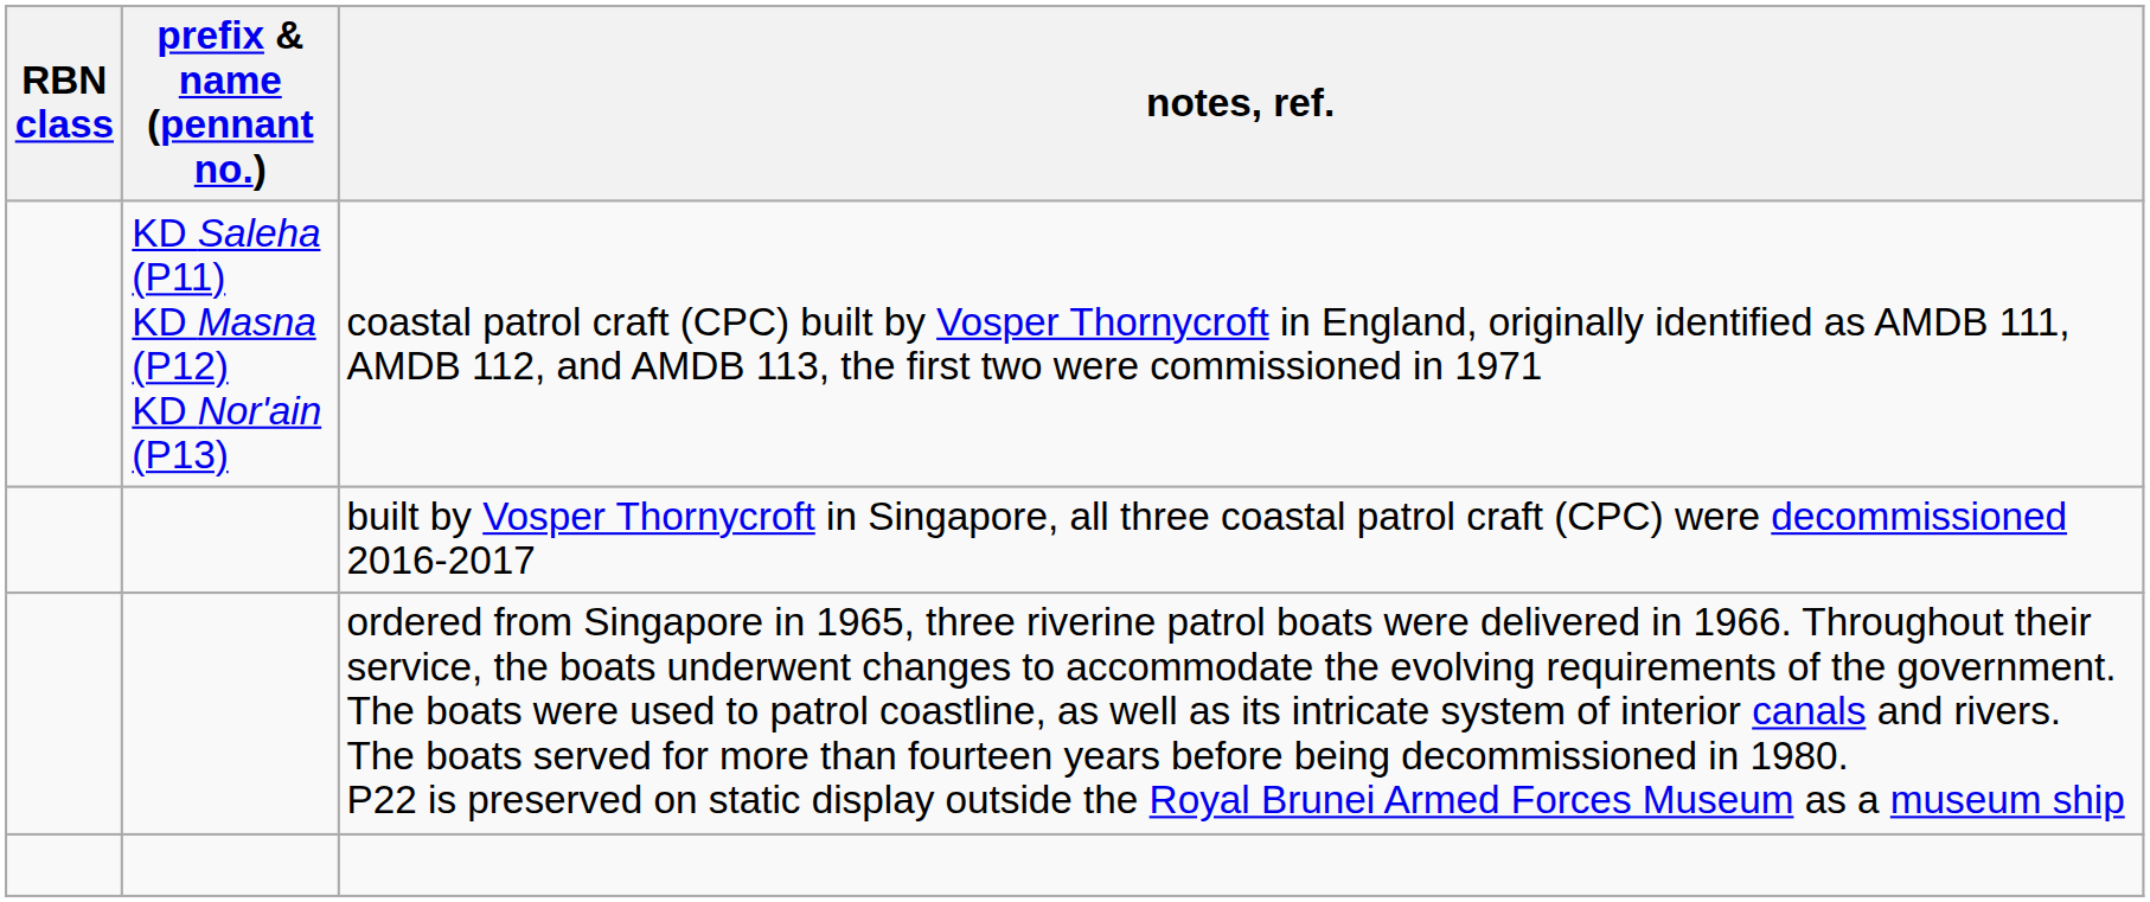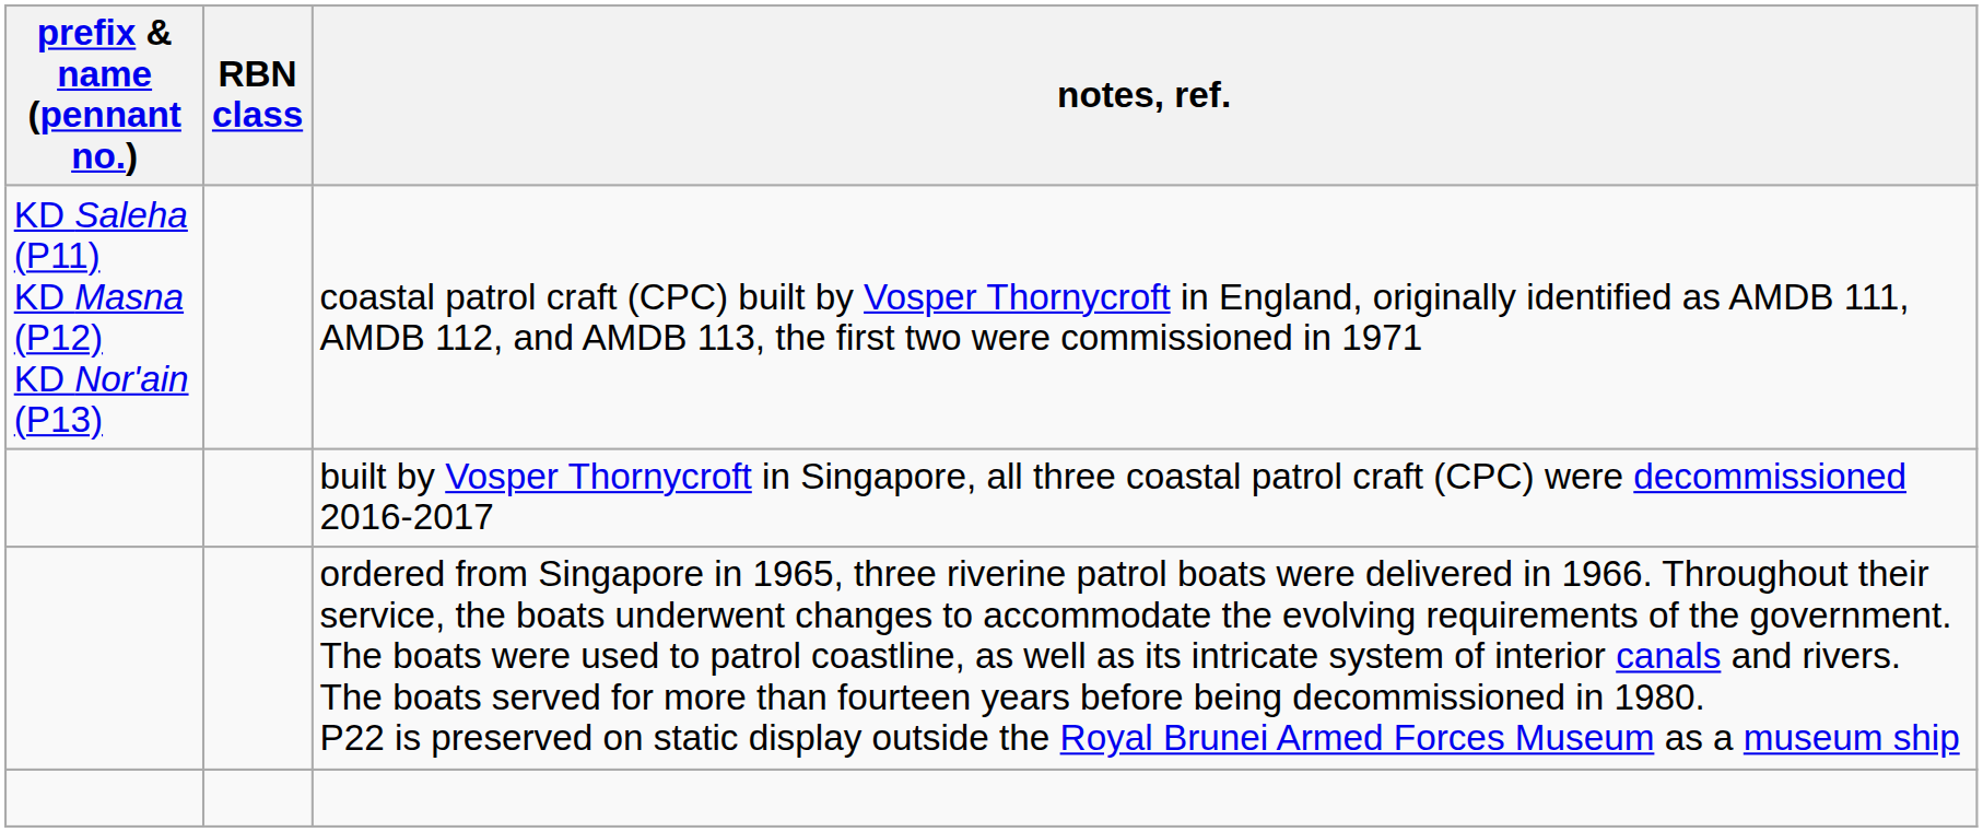 <table class=wikitable>
 <tr>
+<th><a href='#'>prefix</a> & <a href='#'>name</a><br>(<a href='#'>pennant no.</a>)</th>
 <th>RBN<br><a href='#'>class</a></th>
-<th><a href='#'>prefix</a> & <a href='#'>name</a><br>(<a href='#'>pennant no.</a>)</th>
 <th>notes, ref.</th>
 </tr>
 <tr>
+<td><a href='#'>KD <em>Saleha</em> (P11)</a><br><a href='#'>KD <em>Masna</em> (P12)</a><br><a href='#'>KD <em>Nor'ain</em> (P13)</a></td>
 <td></td>
-<td><a href='#'>KD <em>Saleha</em> (P11)</a><br><a href='#'>KD <em>Masna</em> (P12)</a><br><a href='#'>KD <em>Nor'ain</em> (P13)</a></td>
 <td>coastal patrol craft (CPC) built by <a href='#'>Vosper Thornycroft</a> in England, originally identified as AMDB 111, AMDB 112, and AMDB 113, the first two were commissioned in 1971</td>
 </tr>
 <tr>
+<td><br><br></td>
 <td></td>
-<td><br><br></td>
 <td>built by <a href='#'>Vosper Thornycroft</a> in Singapore, all three coastal patrol craft (CPC) were <a href='#'>decommissioned</a> 2016-2017</td>
 </tr>
 <tr>
+<td><br><br></td>
 <td></td>
-<td><br><br></td>
 <td>ordered from Singapore in 1965, three riverine patrol boats were delivered in 1966. Throughout their service, the boats underwent changes to accommodate the evolving requirements of the government. The boats were used to patrol coastline, as well as its intricate system of interior <a href='#'>canals</a> and rivers. The boats served for more than fourteen years before being decommissioned in 1980.<br>P22 is preserved on static display outside the <a href='#'>Royal Brunei Armed Forces Museum</a> as a <a href='#'>museum ship</a></td>
 </tr>
 <tr>
+<td><br></td>
 <td></td>
-<td><br></td>
 <td></td>
 </tr>
 </table>
